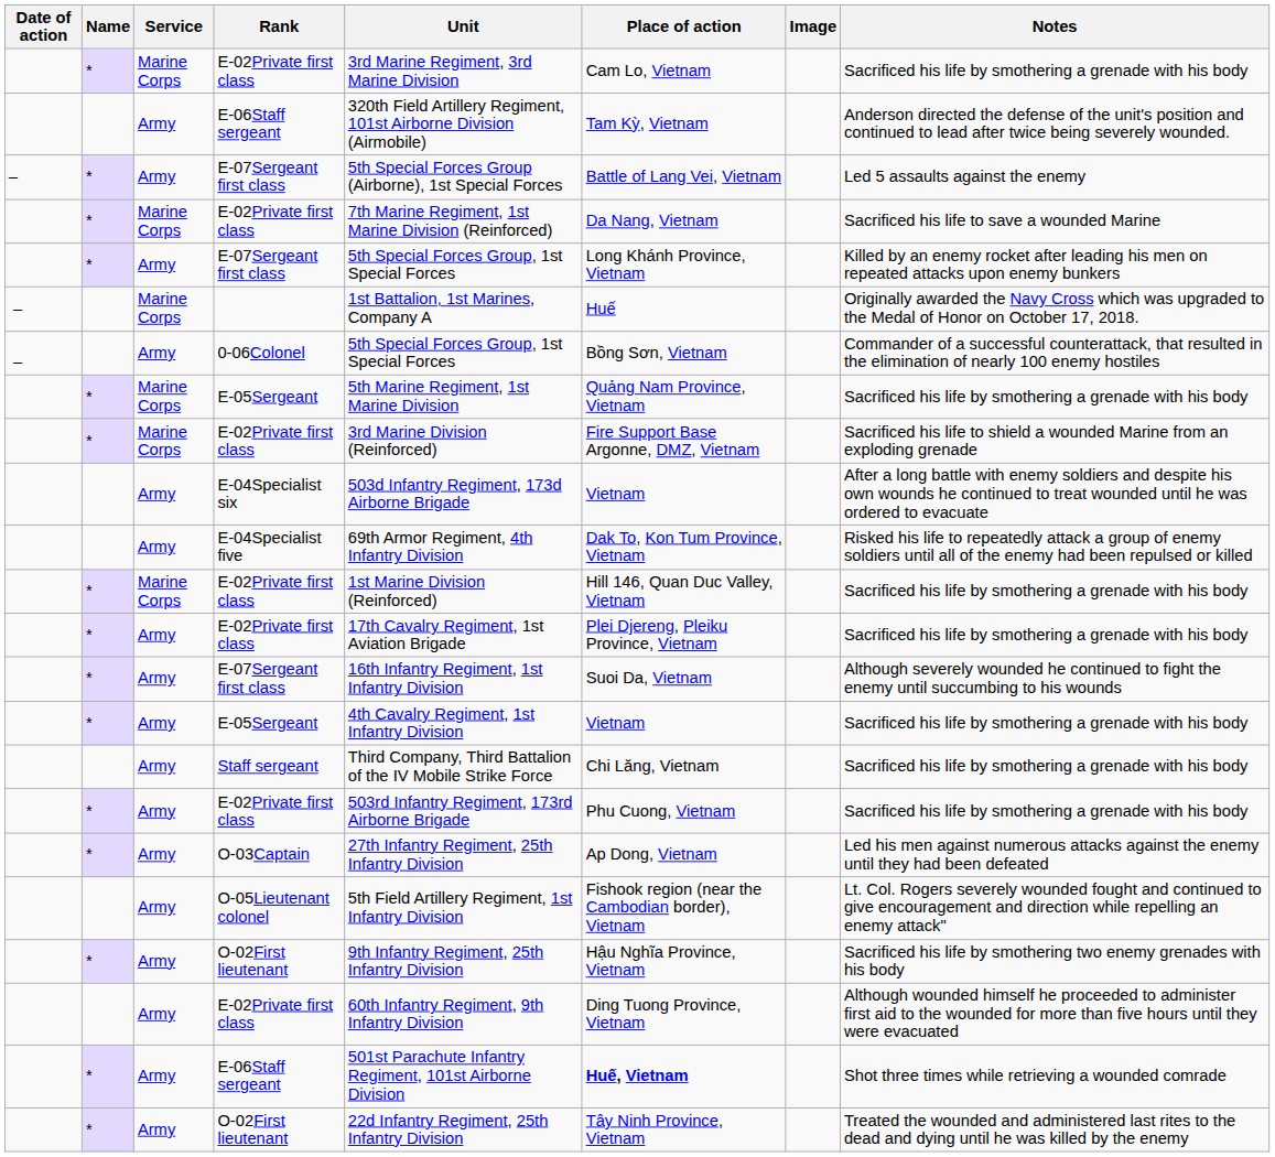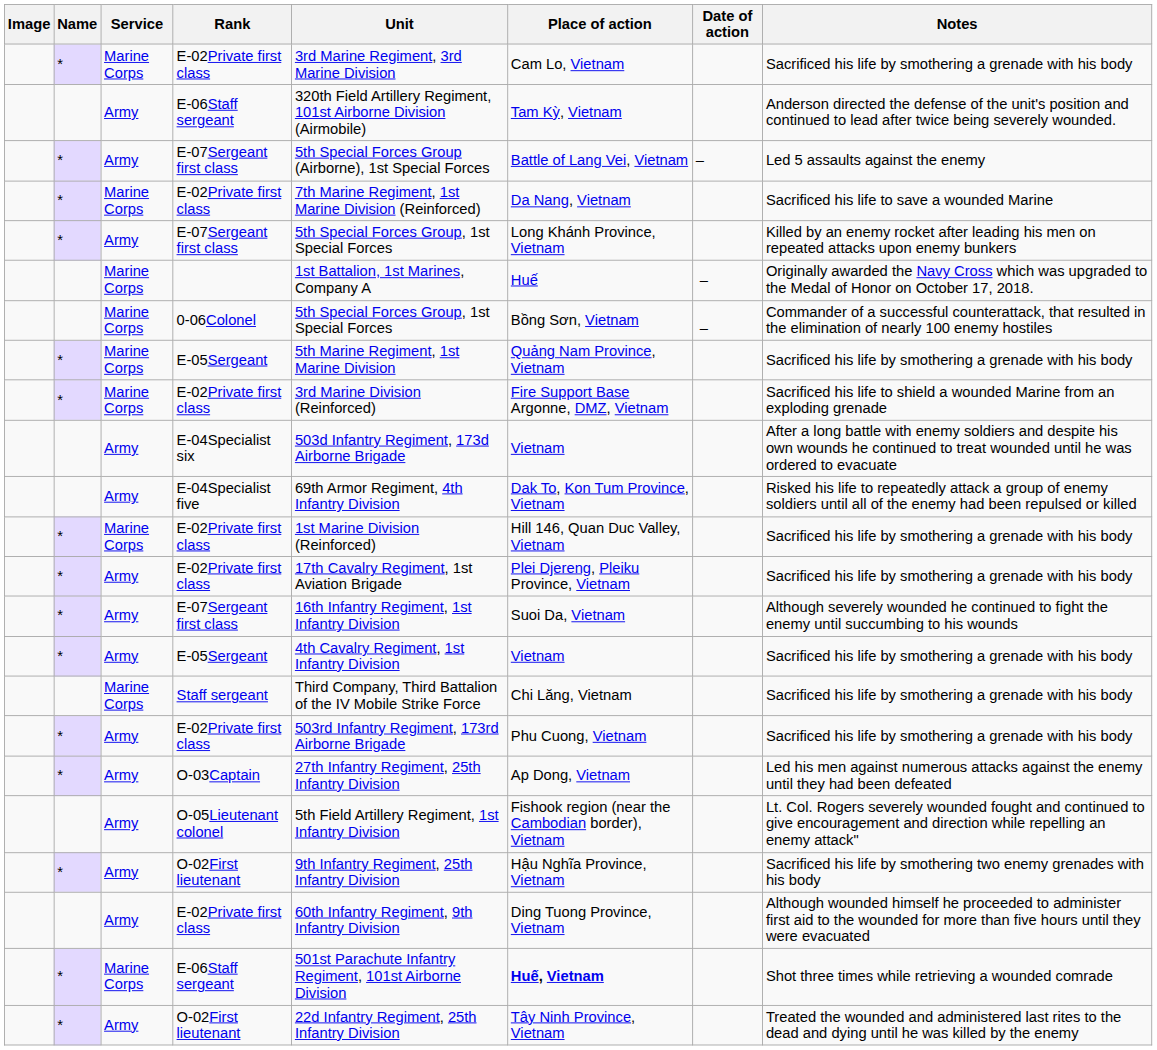 <table class="wikitable sortable">
 <tr>
-<th>Date of action</th>
+<th class="unsortable">Image</th>
 <th>Name</th>
 <th>Service</th>
 <th>Rank</th>
 <th>Unit</th>
 <th>Place of action</th>
-<th class="unsortable">Image</th>
+<th>Date of action</th>
 <th class="unsortable">Notes</th>
 </tr>
 <tr>
 <td></td>
 <td style="background:#e3d9ff;">*</td>
 <td><a href='#'>Marine Corps</a></td>
 <td><span>E-02</span><a href='#'>Private first class</a></td>
 <td><a href='#'>3rd Marine Regiment</a>, <a href='#'>3rd Marine Division</a></td>
 <td>Cam Lo, <a href='#'>Vietnam</a></td>
 <td></td>
 <td>Sacrificed his life by smothering a grenade with his body</td>
 </tr>
 <tr>
 <td></td>
 <td></td>
 <td><a href='#'>Army</a></td>
 <td><span>E-06</span><a href='#'>Staff sergeant</a></td>
 <td>320th Field Artillery Regiment, <a href='#'>101st Airborne Division</a> (Airmobile)</td>
 <td><a href='#'>Tam Kỳ</a>, <a href='#'>Vietnam</a></td>
 <td></td>
 <td>Anderson directed the defense of the unit's position and continued to lead after twice being severely wounded.</td>
 </tr>
 <tr>
-<td> – </td>
+<td></td>
 <td style="background:#e3d9ff;">*</td>
 <td><a href='#'>Army</a></td>
 <td><span>E-07</span><a href='#'>Sergeant first class</a></td>
 <td><a href='#'>5th Special Forces Group</a> (Airborne), 1st Special Forces</td>
 <td><a href='#'>Battle of Lang Vei</a>, <a href='#'>Vietnam</a></td>
-<td></td>
+<td> – </td>
 <td>Led 5 assaults against the enemy</td>
 </tr>
 <tr>
 <td></td>
 <td style="background:#e3d9ff;">*</td>
 <td><a href='#'>Marine Corps</a></td>
 <td><span>E-02</span><a href='#'>Private first class</a></td>
 <td><a href='#'>7th Marine Regiment</a>, <a href='#'>1st Marine Division</a> (Reinforced)</td>
 <td><a href='#'>Da Nang</a>, <a href='#'>Vietnam</a></td>
 <td></td>
 <td>Sacrificed his life to save a wounded Marine</td>
 </tr>
 <tr>
 <td></td>
 <td style="background:#e3d9ff;">*</td>
 <td><a href='#'>Army</a></td>
 <td><span>E-07</span><a href='#'>Sergeant first class</a></td>
 <td><a href='#'>5th Special Forces Group</a>, 1st Special Forces</td>
 <td>Long Khánh Province, <a href='#'>Vietnam</a></td>
 <td></td>
 <td>Killed by an enemy rocket after leading his men on repeated attacks upon enemy bunkers</td>
 </tr>
 <tr>
-<td> –<br></td>
+<td></td>
 <td></td>
 <td><a href='#'>Marine Corps</a></td>
 <td></td>
 <td><a href='#'>1st Battalion, 1st Marines</a>, Company A</td>
 <td><a href='#'>Huế</a></td>
-<td></td>
+<td> –<br></td>
 <td>Originally awarded the <a href='#'>Navy Cross</a> which was upgraded to the Medal of Honor on October 17, 2018.</td>
 </tr>
 <tr>
-<td><br> –  </td>
 <td></td>
-<td><a href='#'>Army</a></td>
+<td></td>
+<td><a href='#'>Marine Corps</a></td>
 <td><span>0-06</span><a href='#'>Colonel</a></td>
 <td><a href='#'>5th Special Forces Group</a>, 1st Special Forces</td>
 <td>Bồng Sơn, <a href='#'>Vietnam</a></td>
-<td></td>
+<td><br> –  </td>
 <td>Commander of a successful counterattack, that resulted in the elimination of nearly 100 enemy hostiles</td>
 </tr>
 <tr>
 <td></td>
 <td style="background:#e3d9ff;">*</td>
 <td><a href='#'>Marine Corps</a></td>
 <td><span>E-05</span><a href='#'>Sergeant</a></td>
 <td><a href='#'>5th Marine Regiment</a>, <a href='#'>1st Marine Division</a></td>
 <td><a href='#'>Quảng Nam Province</a>, <a href='#'>Vietnam</a></td>
 <td></td>
 <td>Sacrificed his life by smothering a grenade with his body</td>
 </tr>
 <tr>
 <td></td>
 <td style="background:#e3d9ff;">*</td>
 <td><a href='#'>Marine Corps</a></td>
 <td><span>E-02</span><a href='#'>Private first class</a></td>
 <td><a href='#'>3rd Marine Division</a> (Reinforced)</td>
 <td><a href='#'>Fire Support Base</a> Argonne, <a href='#'>DMZ</a>, <a href='#'>Vietnam</a></td>
 <td></td>
 <td>Sacrificed his life to shield a wounded Marine from an exploding grenade</td>
 </tr>
 <tr>
 <td></td>
 <td></td>
 <td><a href='#'>Army</a></td>
 <td><span>E-04</span>Specialist six</td>
 <td><a href='#'>503d Infantry Regiment</a>, <a href='#'>173d Airborne Brigade</a></td>
 <td><a href='#'>Vietnam</a></td>
 <td></td>
 <td>After a long battle with enemy soldiers and despite his own wounds he continued to treat wounded until he was ordered to evacuate</td>
 </tr>
 <tr>
 <td></td>
 <td></td>
 <td><a href='#'>Army</a></td>
 <td><span>E-04</span>Specialist five</td>
 <td>69th Armor Regiment, <a href='#'>4th Infantry Division</a></td>
 <td><a href='#'>Dak To</a>, <a href='#'>Kon Tum Province</a>, <a href='#'>Vietnam</a></td>
 <td></td>
 <td>Risked his life to repeatedly attack a group of enemy soldiers until all of the enemy had been repulsed or killed</td>
 </tr>
 <tr>
 <td></td>
 <td style="background:#e3d9ff;">*</td>
 <td><a href='#'>Marine Corps</a></td>
 <td><span>E-02</span><a href='#'>Private first class</a></td>
 <td><a href='#'>1st Marine Division</a> (Reinforced)</td>
 <td>Hill 146, Quan Duc Valley, <a href='#'>Vietnam</a></td>
 <td></td>
 <td>Sacrificed his life by smothering a grenade with his body</td>
 </tr>
 <tr>
 <td></td>
 <td style="background:#e3d9ff;">*</td>
 <td><a href='#'>Army</a></td>
 <td><span>E-02</span><a href='#'>Private first class</a></td>
 <td><a href='#'>17th Cavalry Regiment</a>, 1st Aviation Brigade</td>
 <td><a href='#'>Plei Djereng</a>, <a href='#'>Pleiku</a> Province, <a href='#'>Vietnam</a></td>
 <td></td>
 <td>Sacrificed his life by smothering a grenade with his body</td>
 </tr>
 <tr>
 <td></td>
 <td style="background:#e3d9ff;">*</td>
 <td><a href='#'>Army</a></td>
 <td><span>E-07</span><a href='#'>Sergeant first class</a></td>
 <td><a href='#'>16th Infantry Regiment</a>, <a href='#'>1st Infantry Division</a></td>
 <td>Suoi Da, <a href='#'>Vietnam</a></td>
 <td></td>
 <td>Although severely wounded he continued to fight the enemy until succumbing to his wounds</td>
 </tr>
 <tr>
 <td></td>
 <td style="background:#e3d9ff;">*</td>
 <td><a href='#'>Army</a></td>
 <td><span>E-05</span><a href='#'>Sergeant</a></td>
 <td><a href='#'>4th Cavalry Regiment</a>, <a href='#'>1st Infantry Division</a></td>
 <td><a href='#'>Vietnam</a></td>
 <td></td>
 <td>Sacrificed his life by smothering a grenade with his body</td>
 </tr>
 <tr>
 <td></td>
 <td></td>
-<td><a href='#'>Army</a></td>
+<td><a href='#'>Marine Corps</a></td>
 <td><a href='#'>Staff sergeant</a></td>
 <td>Third Company, Third Battalion of the IV Mobile Strike Force</td>
 <td>Chi Lăng, Vietnam</td>
 <td></td>
 <td>Sacrificed his life by smothering a grenade with his body</td>
 </tr>
 <tr>
 <td></td>
 <td style="background:#e3d9ff;">*</td>
 <td><a href='#'>Army</a></td>
 <td><span>E-02</span><a href='#'>Private first class</a></td>
 <td><a href='#'>503rd Infantry Regiment</a>, <a href='#'>173rd Airborne Brigade</a></td>
 <td>Phu Cuong, <a href='#'>Vietnam</a></td>
 <td></td>
 <td>Sacrificed his life by smothering a grenade with his body</td>
 </tr>
 <tr>
 <td></td>
 <td style="background:#e3d9ff;">*</td>
 <td><a href='#'>Army</a></td>
 <td><span>O-03</span><a href='#'>Captain</a></td>
 <td><a href='#'>27th Infantry Regiment</a>, <a href='#'>25th Infantry Division</a></td>
 <td>Ap Dong, <a href='#'>Vietnam</a></td>
 <td></td>
 <td>Led his men against numerous attacks against the enemy until they had been defeated</td>
 </tr>
 <tr>
 <td></td>
 <td></td>
 <td><a href='#'>Army</a></td>
 <td><span>O-05</span><a href='#'>Lieutenant colonel</a></td>
 <td>5th Field Artillery Regiment, <a href='#'>1st Infantry Division</a></td>
 <td>Fishook region (near the <a href='#'>Cambodian</a> border), <a href='#'>Vietnam</a></td>
 <td></td>
 <td>Lt. Col. Rogers severely wounded fought and continued to give encouragement and direction while repelling an enemy attack"</td>
 </tr>
 <tr>
 <td></td>
 <td style="background:#e3d9ff;">*</td>
 <td><a href='#'>Army</a></td>
 <td><span>O-02</span><a href='#'>First lieutenant</a></td>
 <td><a href='#'>9th Infantry Regiment</a>, <a href='#'>25th Infantry Division</a></td>
 <td>Hậu Nghĩa Province, <a href='#'>Vietnam</a></td>
 <td></td>
 <td>Sacrificed his life by smothering two enemy grenades with his body</td>
 </tr>
 <tr>
 <td></td>
 <td></td>
 <td><a href='#'>Army</a></td>
 <td><span>E-02</span><a href='#'>Private first class</a></td>
 <td><a href='#'>60th Infantry Regiment</a>, <a href='#'>9th Infantry Division</a></td>
 <td>Ding Tuong Province, <a href='#'>Vietnam</a></td>
 <td></td>
 <td>Although wounded himself he proceeded to administer first aid to the wounded for more than five hours until they were evacuated</td>
 </tr>
 <tr>
 <td></td>
 <td style="background:#e3d9ff;">*</td>
-<td><a href='#'>Army</a></td>
+<td><a href='#'>Marine Corps</a></td>
 <td><span>E-06</span><a href='#'>Staff sergeant</a></td>
 <td><a href='#'>501st Parachute Infantry Regiment</a>, <a href='#'>101st Airborne Division</a></td>
 <td><strong><a href='#'>Huế</a>, <a href='#'>Vietnam</a></strong></td>
 <td></td>
 <td>Shot three times while retrieving a wounded comrade</td>
 </tr>
 <tr>
 <td></td>
 <td style="background:#e3d9ff;">*</td>
 <td><a href='#'>Army</a></td>
 <td><span>O-02</span><a href='#'>First lieutenant</a></td>
 <td><a href='#'>22d Infantry Regiment</a>, <a href='#'>25th Infantry Division</a></td>
 <td><a href='#'>Tây Ninh Province</a>, <a href='#'>Vietnam</a></td>
 <td></td>
 <td>Treated the wounded and administered last rites to the dead and dying until he was killed by the enemy</td>
 </tr>
 </table>
